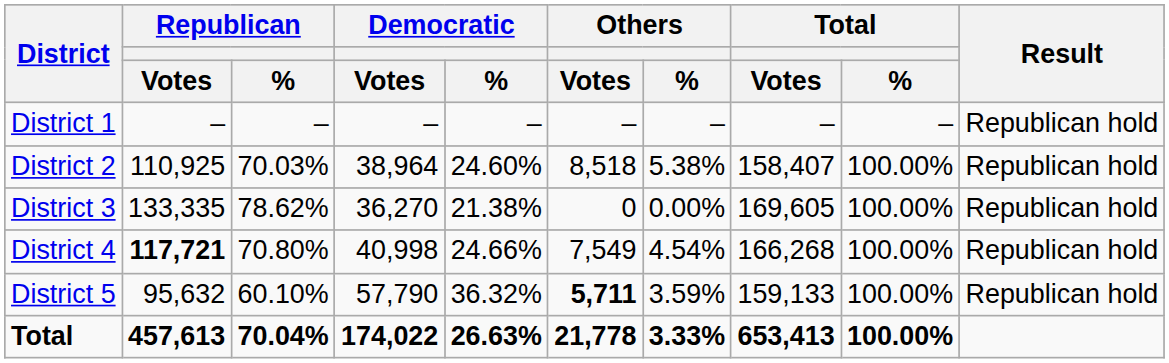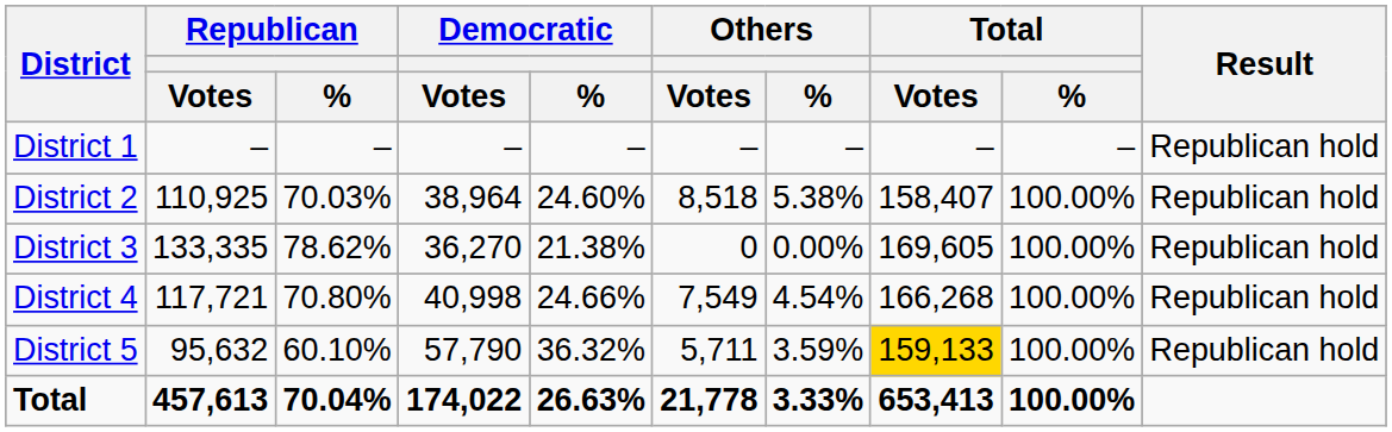 <table class="wikitable plainrowheaders sortable" style="font-size:100%; text-align:right;">
 <tr>
 <th scope=col rowspan=3><a href='#'>District</a></th>
 <th scope=col colspan=2><a href='#'>Republican</a></th>
 <th scope=col colspan=2><a href='#'>Democratic</a></th>
 <th scope=col colspan=2>Others</th>
 <th scope=col colspan=2>Total</th>
 <th scope=col rowspan=3>Result</th>
 </tr>
 <tr>
 <th scope=col colspan=2 style="background:"></th>
 <th scope=col colspan=2 style="background:"></th>
 <th scope=col colspan=2></th>
 <th scope=col colspan=2></th>
 </tr>
 <tr>
 <th scope=col data-sort-type="number">Votes</th>
 <th scope=col data-sort-type="number">%</th>
 <th scope=col data-sort-type="number">Votes</th>
 <th scope=col data-sort-type="number">%</th>
 <th scope=col data-sort-type="number">Votes</th>
 <th scope=col data-sort-type="number">%</th>
 <th scope=col data-sort-type="number">Votes</th>
 <th scope=col data-sort-type="number">%</th>
 </tr>
 <tr>
 <td align=left><a href='#'>District 1</a></td>
 <td>–</td>
 <td>–</td>
 <td>–</td>
 <td>–</td>
 <td>–</td>
 <td>–</td>
 <td>–</td>
 <td>–</td>
 <td align=left>Republican hold</td>
 </tr>
 <tr>
 <td align=left><a href='#'>District 2</a></td>
 <td>110,925</td>
 <td>70.03%</td>
 <td>38,964</td>
 <td>24.60%</td>
 <td>8,518</td>
 <td>5.38%</td>
 <td>158,407</td>
 <td>100.00%</td>
 <td align=left>Republican hold</td>
 </tr>
 <tr>
 <td align=left><a href='#'>District 3</a></td>
 <td>133,335</td>
 <td>78.62%</td>
 <td>36,270</td>
 <td>21.38%</td>
 <td>0</td>
 <td>0.00%</td>
 <td>169,605</td>
 <td>100.00%</td>
 <td align=left>Republican hold</td>
 </tr>
 <tr>
 <td align=left><a href='#'>District 4</a></td>
-<td><strong>117,721</strong></td>
+<td>117,721</td>
 <td>70.80%</td>
 <td>40,998</td>
 <td>24.66%</td>
 <td>7,549</td>
 <td>4.54%</td>
 <td>166,268</td>
 <td>100.00%</td>
 <td align=left>Republican hold</td>
 </tr>
 <tr>
 <td align=left><a href='#'>District 5</a></td>
 <td>95,632</td>
 <td>60.10%</td>
 <td>57,790</td>
 <td>36.32%</td>
-<td><strong>5,711</strong></td>
+<td>5,711</td>
 <td>3.59%</td>
-<td>159,133</td>
+<td style="background: gold;">159,133</td>
 <td>100.00%</td>
 <td align=left>Republican hold</td>
 </tr>
 <tr class="sortbottom" style="font-weight:bold">
 <td align=left>Total</td>
 <td>457,613</td>
 <td>70.04%</td>
 <td>174,022</td>
 <td>26.63%</td>
 <td>21,778</td>
 <td>3.33%</td>
 <td>653,413</td>
 <td>100.00%</td>
 <td></td>
 </tr>
 </table>
